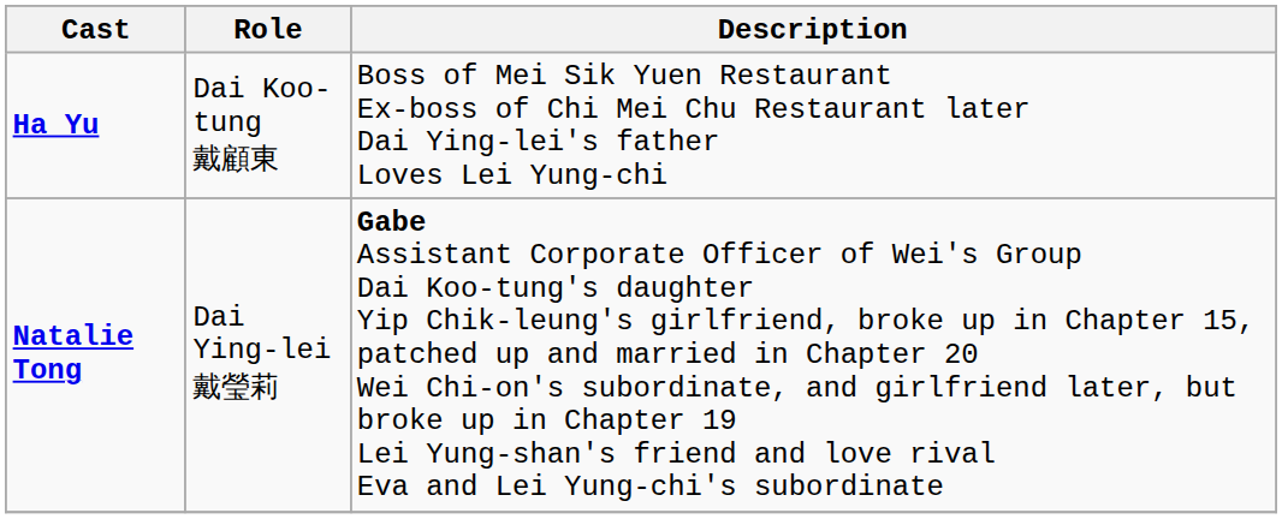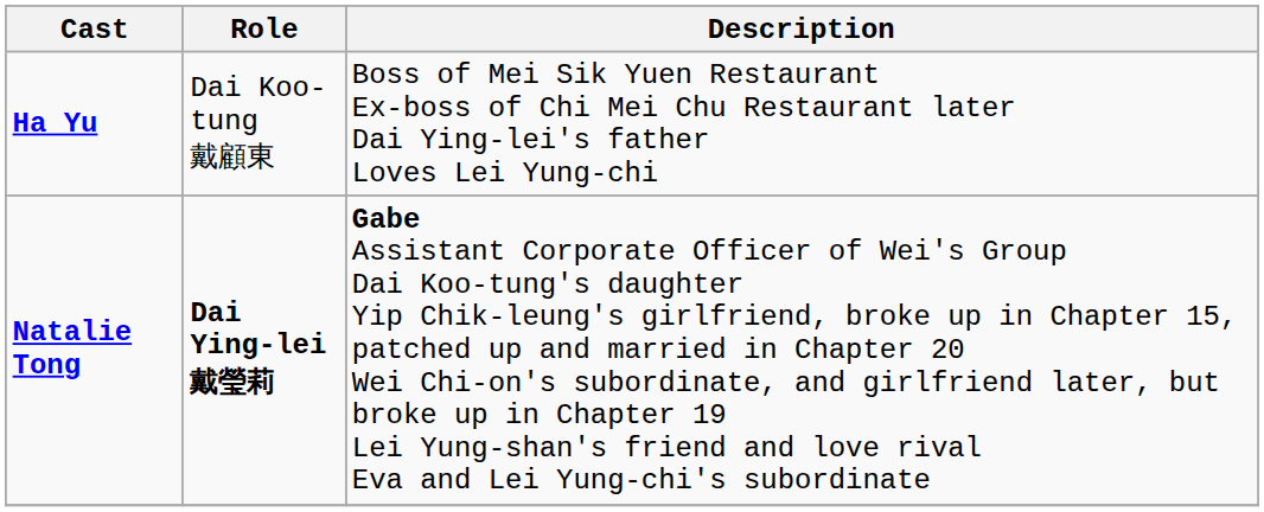 <table class="wikitable" width="65%">
 <tr>
 <th>Cast</th>
 <th>Role</th>
 <th>Description</th>
 </tr>
 <tr>
 <td><strong><a href='#'>Ha Yu</a></strong></td>
 <td>Dai Koo-tung <br> 戴顧東</td>
 <td>Boss of Mei Sik Yuen Restaurant<br>Ex-boss of Chi Mei Chu Restaurant later<br>Dai Ying-lei's father<br>Loves Lei Yung-chi</td>
 </tr>
 <tr>
 <td><strong><a href='#'>Natalie Tong</a></strong></td>
-<td>Dai Ying-lei <br> 戴瑩莉</td>
+<td><strong>Dai Ying-lei <br> 戴瑩莉</strong></td>
 <td><strong>Gabe</strong><br>Assistant Corporate Officer of Wei's Group<br>Dai Koo-tung's daughter<br>Yip Chik-leung's girlfriend, broke up in Chapter 15, patched up and married in Chapter 20<br>Wei Chi-on's subordinate, and girlfriend later, but broke up in Chapter 19<br>Lei Yung-shan's friend and love rival<br>Eva and Lei Yung-chi's subordinate</td>
 </tr>
 <tr>
 </tr>
 </table>
